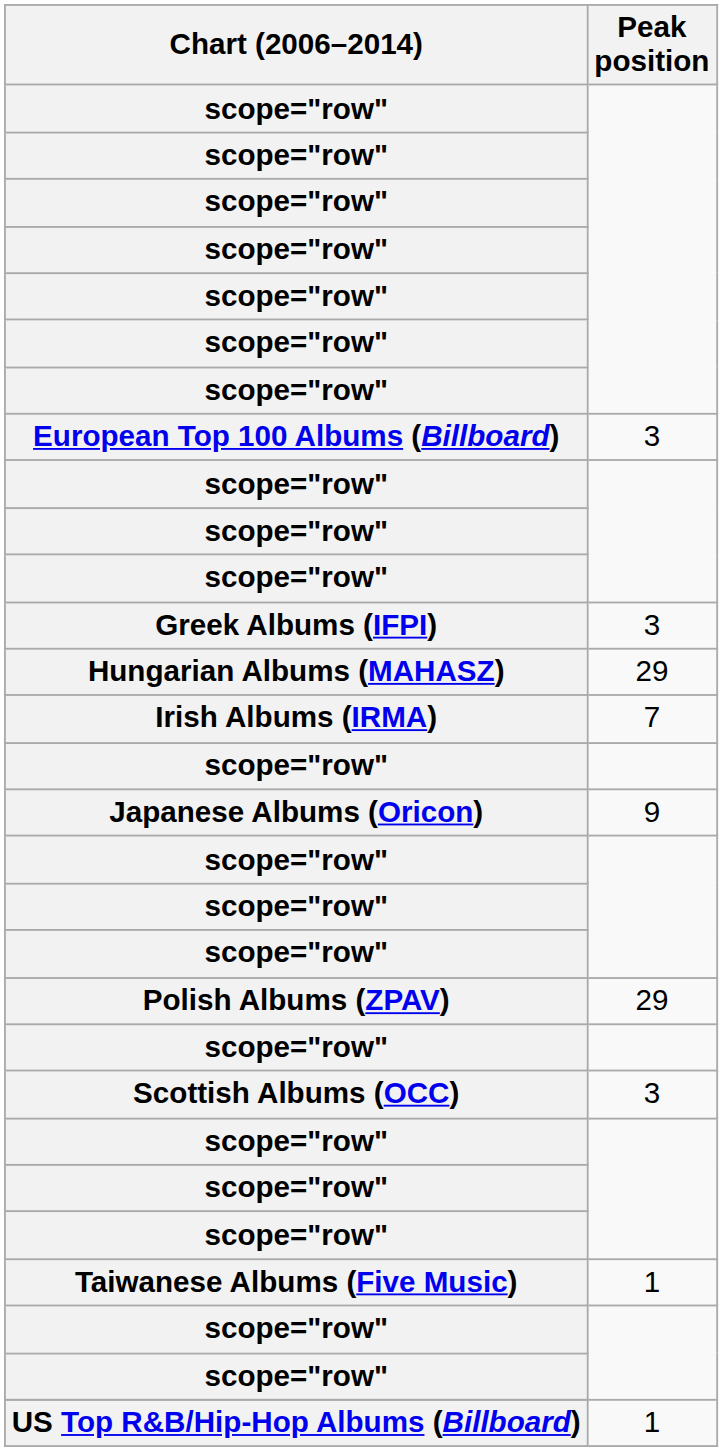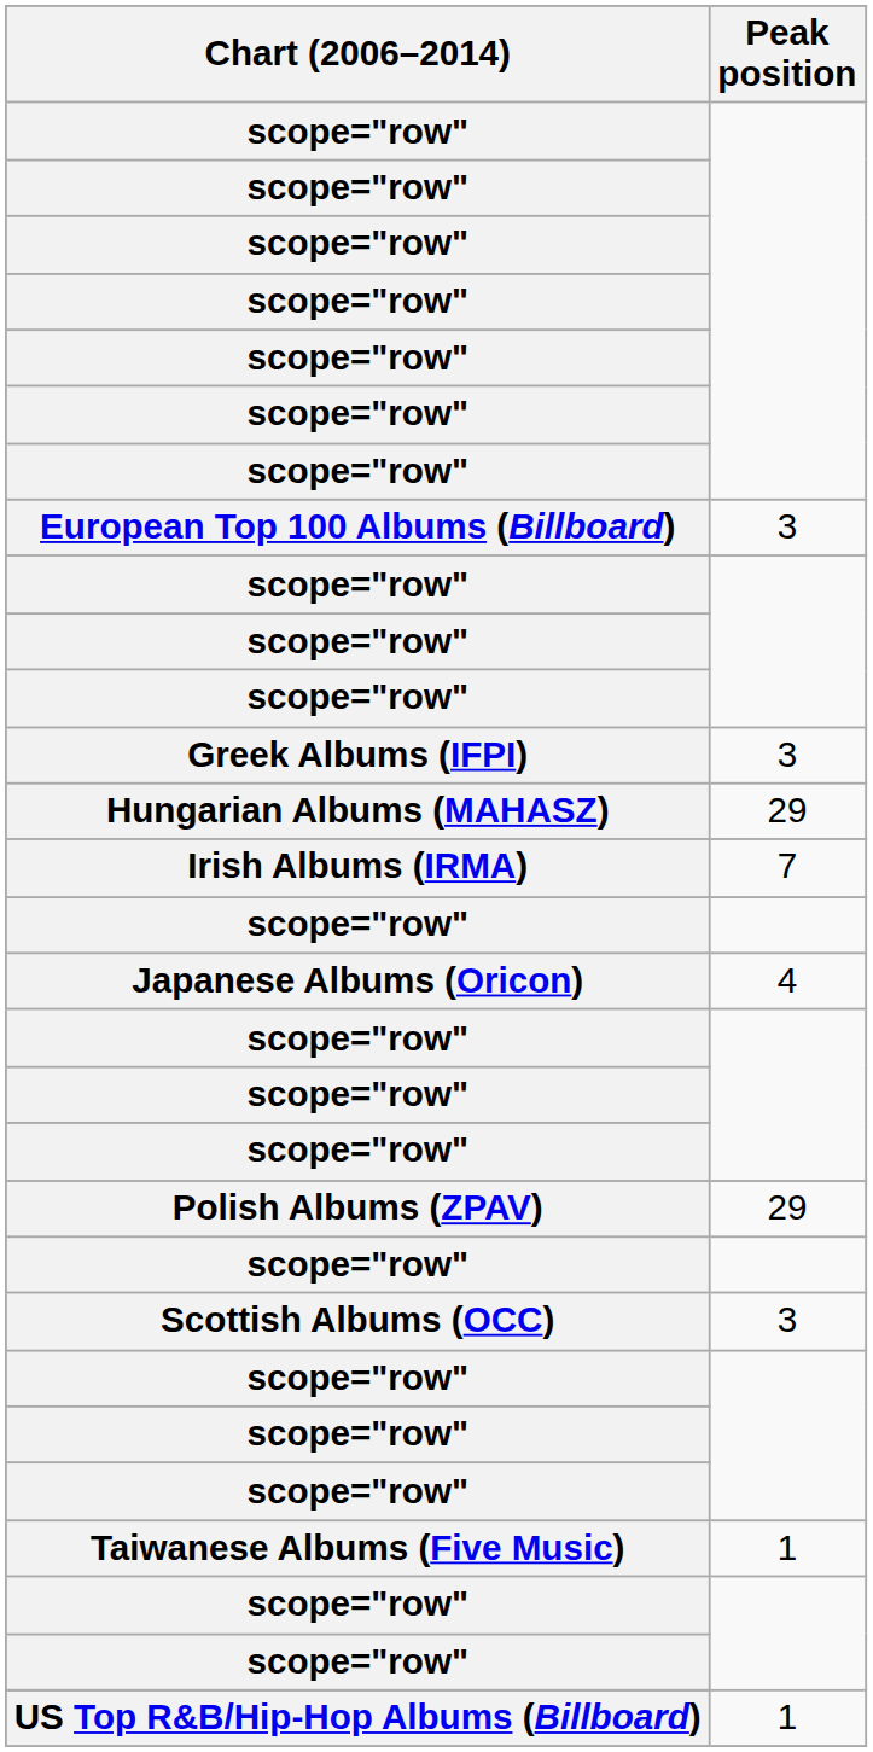 <table class="wikitable sortable plainrowheaders" style="text-align:center">
 <tr>
 <th scope="col">Chart (2006–2014)</th>
 <th scope="col">Peak<br>position</th>
 </tr>
 <tr>
 <th>scope="row"</th>
 </tr>
 <tr>
 <th>scope="row"</th>
 </tr>
 <tr>
 <th>scope="row"</th>
 </tr>
 <tr>
 <th>scope="row"</th>
 </tr>
 <tr>
 <th>scope="row"</th>
 </tr>
 <tr>
 <th>scope="row"</th>
 </tr>
 <tr>
 <th>scope="row"</th>
 </tr>
 <tr>
 <th scope="row"><a href='#'>European Top 100 Albums</a> (<em><a href='#'>Billboard</a></em>)</th>
 <td>3</td>
 </tr>
 <tr>
 <th>scope="row"</th>
 </tr>
 <tr>
 <th>scope="row"</th>
 </tr>
 <tr>
 <th>scope="row"</th>
 </tr>
 <tr>
 <th scope="row">Greek Albums (<a href='#'>IFPI</a>)</th>
 <td>3</td>
 </tr>
 <tr>
 <th scope="row">Hungarian Albums (<a href='#'>MAHASZ</a>)</th>
 <td>29</td>
 </tr>
 <tr>
 <th scope="row">Irish Albums (<a href='#'>IRMA</a>)</th>
 <td>7</td>
 </tr>
 <tr>
 <th>scope="row"</th>
 </tr>
 <tr>
 <th scope="row">Japanese Albums (<a href='#'>Oricon</a>)</th>
-<td>9</td>
+<td>4</td>
 </tr>
 <tr>
 <th>scope="row"</th>
 </tr>
 <tr>
 <th>scope="row"</th>
 </tr>
 <tr>
 <th>scope="row"</th>
 </tr>
 <tr>
 <th scope="row">Polish Albums (<a href='#'>ZPAV</a>)</th>
 <td>29</td>
 </tr>
 <tr>
 <th>scope="row"</th>
 </tr>
 <tr>
 <th scope="row">Scottish Albums (<a href='#'>OCC</a>)</th>
 <td>3</td>
 </tr>
 <tr>
 <th>scope="row"</th>
 </tr>
 <tr>
 <th>scope="row"</th>
 </tr>
 <tr>
 <th>scope="row"</th>
 </tr>
 <tr>
 <th scope="row">Taiwanese Albums (<a href='#'>Five Music</a>)</th>
 <td>1</td>
 </tr>
 <tr>
 <th>scope="row"</th>
 </tr>
 <tr>
 <th>scope="row"</th>
 </tr>
 <tr>
 </tr>
 <tr>
 <th scope="row">US <a href='#'>Top R&B/Hip-Hop Albums</a> (<em><a href='#'>Billboard</a></em>)</th>
 <td>1</td>
 </tr>
 </table>
